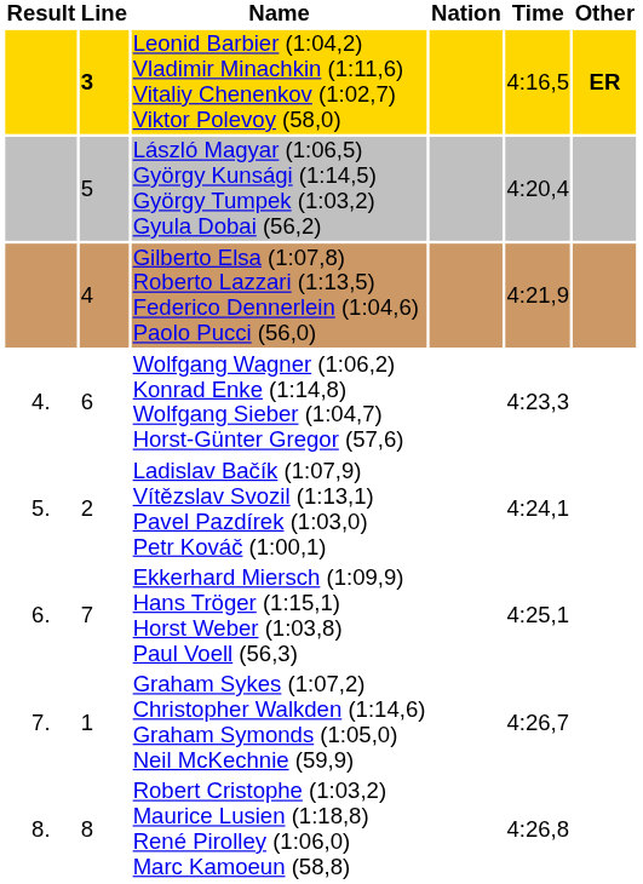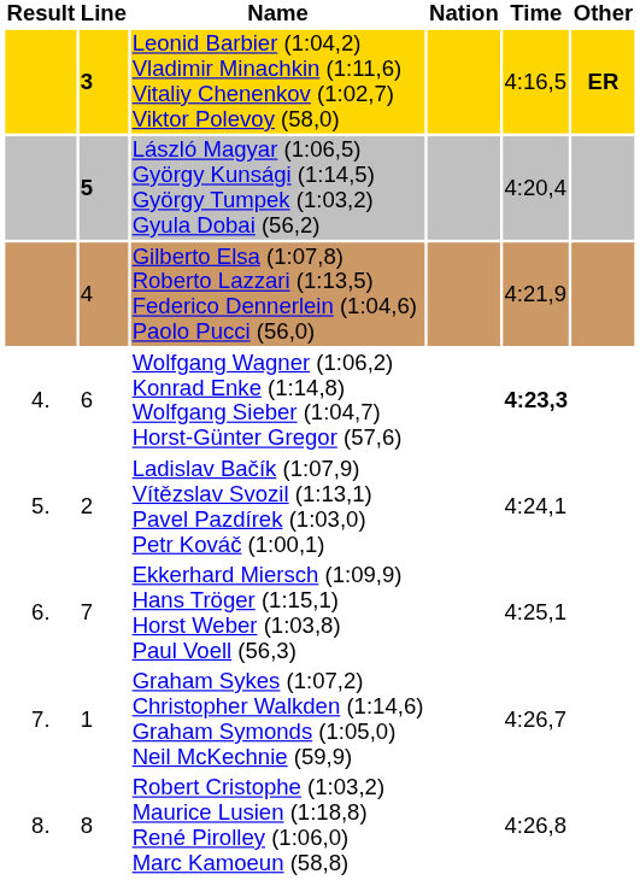 <table>
 <tr>
 <th>Result</th>
 <th>Line</th>
 <th>Name</th>
 <th>Nation</th>
 <th>Time</th>
 <th>Other</th>
 </tr>
 <tr bgcolor=gold>
 <td align=center></td>
 <td><strong>3</strong></td>
 <td><a href='#'>Leonid Barbier</a> (1:04,2)<br><a href='#'>Vladimir Minachkin</a> (1:11,6)<br><a href='#'>Vitaliy Chenenkov</a> (1:02,7)<br><a href='#'>Viktor Polevoy</a> (58,0)</td>
 <td></td>
 <td>4:16,5</td>
 <td align=center><strong>ER</strong></td>
 </tr>
 <tr bgcolor=silver>
 <td align=center></td>
-<td>5</td>
+<td><strong>5</strong></td>
 <td><a href='#'>László Magyar</a> (1:06,5)<br><a href='#'>György Kunsági</a> (1:14,5)<br><a href='#'>György Tumpek</a> (1:03,2)<br><a href='#'>Gyula Dobai</a> (56,2)</td>
 <td></td>
 <td>4:20,4</td>
 <td></td>
 </tr>
 <tr bgcolor=cc9966>
 <td align=center></td>
 <td>4</td>
 <td><a href='#'>Gilberto Elsa</a> (1:07,8)<br><a href='#'>Roberto Lazzari</a> (1:13,5)<br><a href='#'>Federico Dennerlein</a> (1:04,6)<br><a href='#'>Paolo Pucci</a> (56,0)</td>
 <td></td>
 <td>4:21,9</td>
 <td></td>
 </tr>
 <tr>
 <td align=center>4.</td>
 <td>6</td>
 <td><a href='#'>Wolfgang Wagner</a> (1:06,2)<br><a href='#'>Konrad Enke</a> (1:14,8)<br><a href='#'>Wolfgang Sieber</a> (1:04,7)<br><a href='#'>Horst-Günter Gregor</a> (57,6)</td>
 <td></td>
-<td>4:23,3</td>
+<td><strong>4:23,3</strong></td>
 <td></td>
 </tr>
 <tr>
 <td align=center>5.</td>
 <td>2</td>
 <td><a href='#'>Ladislav Bačík</a> (1:07,9)<br><a href='#'>Vítězslav Svozil</a> (1:13,1)<br><a href='#'>Pavel Pazdírek</a> (1:03,0)<br><a href='#'>Petr Kováč</a> (1:00,1)</td>
 <td></td>
 <td>4:24,1</td>
 <td></td>
 </tr>
 <tr>
 <td align=center>6.</td>
 <td>7</td>
 <td><a href='#'>Ekkerhard Miersch</a> (1:09,9)<br><a href='#'>Hans Tröger</a> (1:15,1)<br><a href='#'>Horst Weber</a> (1:03,8)<br><a href='#'>Paul Voell</a> (56,3)</td>
 <td></td>
 <td>4:25,1</td>
 <td></td>
 </tr>
 <tr>
 <td align=center>7.</td>
 <td>1</td>
 <td><a href='#'>Graham Sykes</a> (1:07,2)<br><a href='#'>Christopher Walkden</a> (1:14,6)<br><a href='#'>Graham Symonds</a> (1:05,0)<br><a href='#'>Neil McKechnie</a> (59,9)</td>
 <td></td>
 <td>4:26,7</td>
 <td></td>
 </tr>
 <tr>
 <td align=center>8.</td>
 <td>8</td>
 <td><a href='#'>Robert Cristophe</a> (1:03,2)<br><a href='#'>Maurice Lusien</a> (1:18,8)<br><a href='#'>René Pirolley</a> (1:06,0)<br><a href='#'>Marc Kamoeun</a> (58,8)</td>
 <td></td>
 <td>4:26,8</td>
 <td></td>
 </tr>
 <tr>
 </tr>
 </table>
